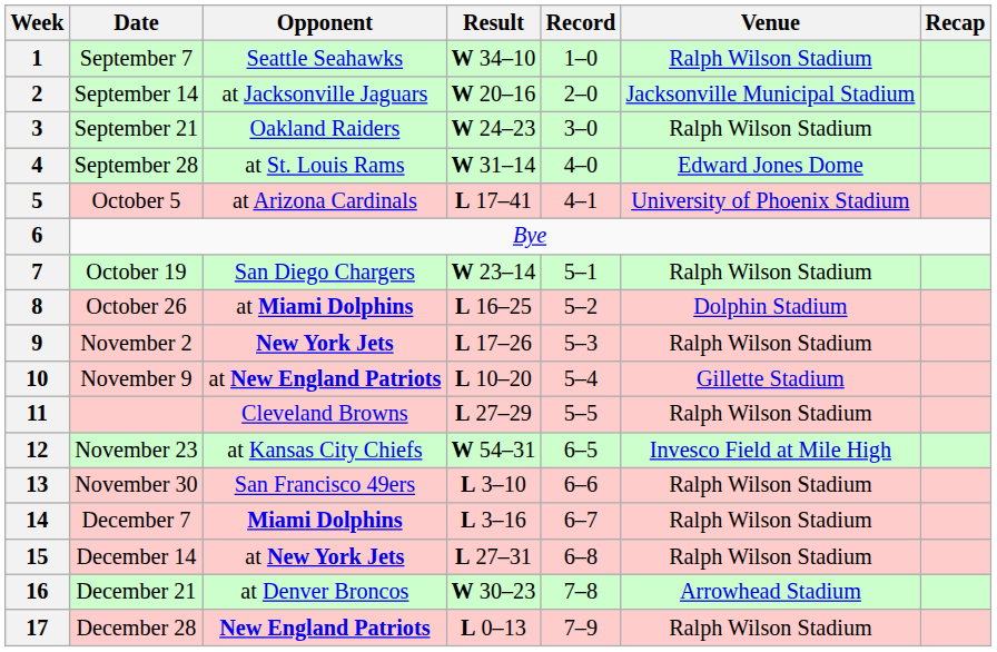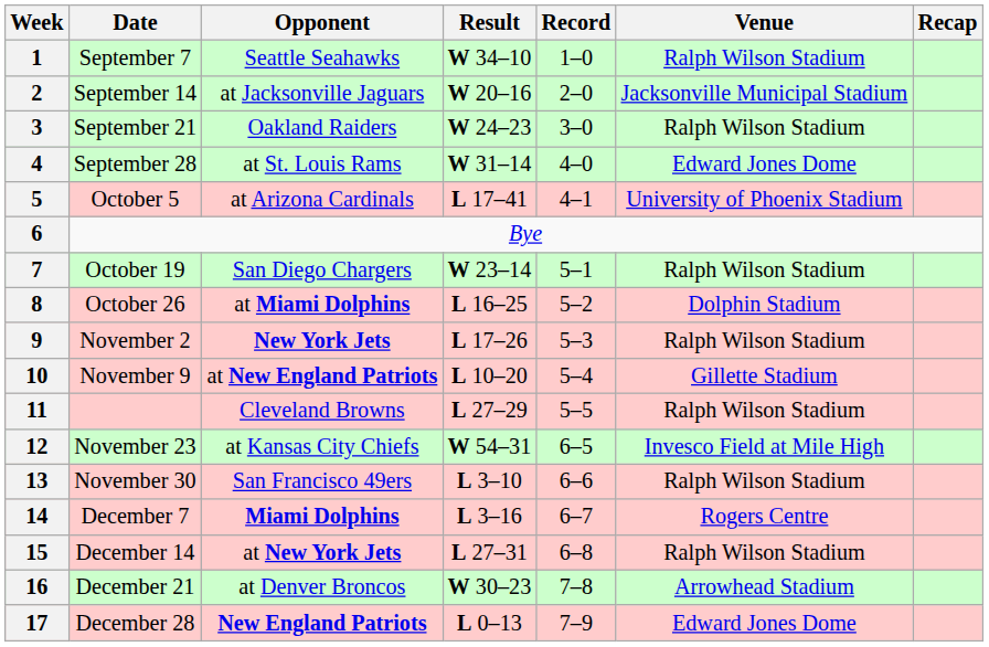 <table class="wikitable" style="text-align:center">
 <tr>
 <th>Week</th>
 <th>Date</th>
 <th>Opponent</th>
 <th>Result</th>
 <th>Record</th>
 <th>Venue</th>
 <th>Recap</th>
 </tr>
 <tr style="background:#cfc">
 <th>1</th>
 <td>September 7</td>
 <td><a href='#'>Seattle Seahawks</a></td>
 <td><strong>W</strong> 34–10</td>
 <td>1–0</td>
 <td><a href='#'>Ralph Wilson Stadium</a></td>
 <td></td>
 </tr>
 <tr style="background:#cfc">
 <th>2</th>
 <td>September 14</td>
 <td>at <a href='#'>Jacksonville Jaguars</a></td>
 <td><strong>W</strong> 20–16</td>
 <td>2–0</td>
 <td><a href='#'>Jacksonville Municipal Stadium</a></td>
 <td></td>
 </tr>
 <tr style="background:#cfc">
 <th>3</th>
 <td>September 21</td>
 <td><a href='#'>Oakland Raiders</a></td>
 <td><strong>W</strong> 24–23</td>
 <td>3–0</td>
 <td>Ralph Wilson Stadium</td>
 <td></td>
 </tr>
 <tr style="background:#cfc">
 <th>4</th>
 <td>September 28</td>
 <td>at <a href='#'>St. Louis Rams</a></td>
 <td><strong>W</strong> 31–14</td>
 <td>4–0</td>
 <td><a href='#'>Edward Jones Dome</a></td>
 <td></td>
 </tr>
 <tr style="background:#fcc">
 <th>5</th>
 <td>October 5</td>
 <td>at <a href='#'>Arizona Cardinals</a></td>
 <td><strong>L</strong> 17–41</td>
 <td>4–1</td>
 <td><a href='#'>University of Phoenix Stadium</a></td>
 <td></td>
 </tr>
 <tr>
 <th>6</th>
 <td colspan="6"><em><a href='#'>Bye</a></em></td>
 </tr>
 <tr style="background:#cfc">
 <th>7</th>
 <td>October 19</td>
 <td><a href='#'>San Diego Chargers</a></td>
 <td><strong>W</strong> 23–14</td>
 <td>5–1</td>
 <td>Ralph Wilson Stadium</td>
 <td></td>
 </tr>
 <tr style="background:#fcc">
 <th>8</th>
 <td>October 26</td>
 <td>at <strong><a href='#'>Miami Dolphins</a></strong></td>
 <td><strong>L</strong> 16–25</td>
 <td>5–2</td>
 <td><a href='#'>Dolphin Stadium</a></td>
 <td></td>
 </tr>
 <tr style="background:#fcc">
 <th>9</th>
 <td>November 2</td>
 <td><strong><a href='#'>New York Jets</a></strong></td>
 <td><strong>L</strong> 17–26</td>
 <td>5–3</td>
 <td>Ralph Wilson Stadium</td>
 <td></td>
 </tr>
 <tr style="background:#fcc">
 <th>10</th>
 <td>November 9</td>
 <td>at <strong><a href='#'>New England Patriots</a></strong></td>
 <td><strong>L</strong> 10–20</td>
 <td>5–4</td>
 <td><a href='#'>Gillette Stadium</a></td>
 <td></td>
 </tr>
 <tr style="background:#fcc">
 <th>11</th>
 <td></td>
 <td><a href='#'>Cleveland Browns</a></td>
 <td><strong>L</strong> 27–29</td>
 <td>5–5</td>
 <td>Ralph Wilson Stadium</td>
 <td></td>
 </tr>
 <tr style="background:#cfc">
 <th>12</th>
 <td>November 23</td>
 <td>at <a href='#'>Kansas City Chiefs</a></td>
 <td><strong>W</strong> 54–31</td>
 <td>6–5</td>
 <td><a href='#'>Invesco Field at Mile High</a></td>
 <td></td>
 </tr>
 <tr style="background:#fcc">
 <th>13</th>
 <td>November 30</td>
 <td><a href='#'>San Francisco 49ers</a></td>
 <td><strong>L</strong> 3–10</td>
 <td>6–6</td>
 <td>Ralph Wilson Stadium</td>
 <td></td>
 </tr>
 <tr style="background:#fcc">
 <th>14</th>
 <td>December 7</td>
 <td><strong><a href='#'>Miami Dolphins</a></strong></td>
 <td><strong>L</strong> 3–16</td>
 <td>6–7</td>
-<td>Ralph Wilson Stadium</td>
+<td> <a href='#'>Rogers Centre</a> </td>
 <td></td>
 </tr>
 <tr style="background:#fcc">
 <th>15</th>
 <td>December 14</td>
 <td>at <strong><a href='#'>New York Jets</a></strong></td>
 <td><strong>L</strong> 27–31</td>
 <td>6–8</td>
 <td>Ralph Wilson Stadium</td>
 <td></td>
 </tr>
 <tr style="background:#cfc">
 <th>16</th>
 <td>December 21</td>
 <td>at <a href='#'>Denver Broncos</a></td>
 <td><strong>W</strong> 30–23</td>
 <td>7–8</td>
 <td><a href='#'>Arrowhead Stadium</a></td>
 <td></td>
 </tr>
 <tr style="background:#fcc">
 <th>17</th>
 <td>December 28</td>
 <td><strong><a href='#'>New England Patriots</a></strong></td>
 <td><strong>L</strong> 0–13</td>
 <td>7–9</td>
-<td>Ralph Wilson Stadium</td>
+<td><a href='#'>Edward Jones Dome</a></td>
 <td></td>
 </tr>
 </table>
